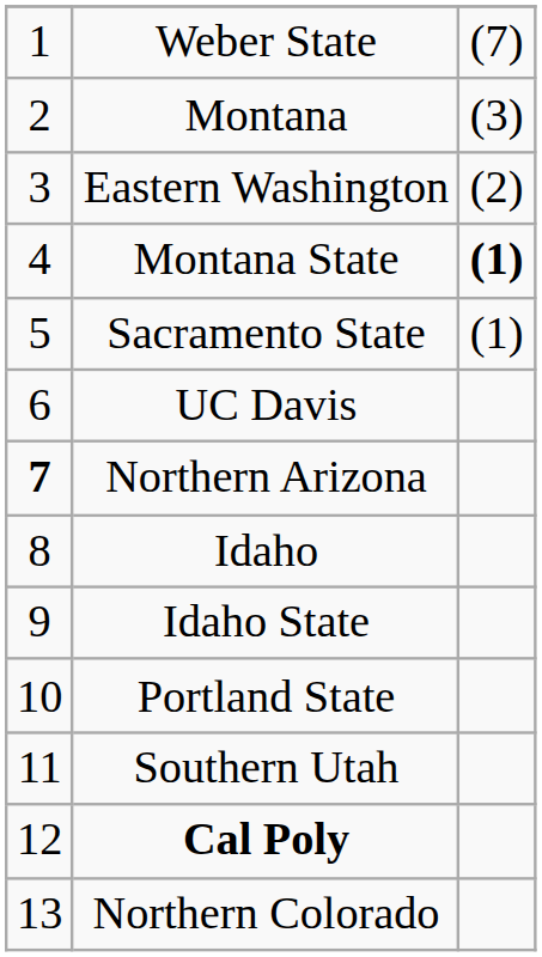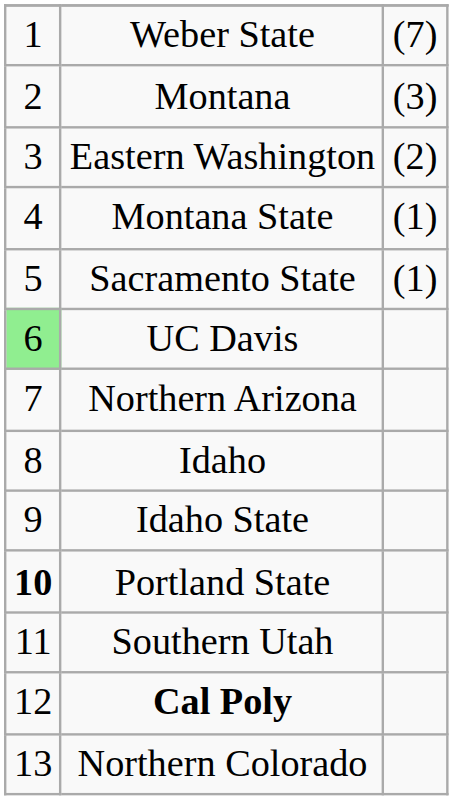 <table class="wikitable" style="display: inline-table;">
 <tr align="center">
 </tr>
 <tr align="center">
 <td>1</td>
 <td>Weber State</td>
 <td>(7)</td>
 </tr>
 <tr align="center">
 <td>2</td>
 <td>Montana</td>
 <td>(3)</td>
 </tr>
 <tr align="center">
 <td>3</td>
 <td>Eastern Washington</td>
 <td>(2)</td>
 </tr>
 <tr align="center">
 <td>4</td>
 <td>Montana State</td>
-<td><strong>(1)</strong></td>
+<td>(1)</td>
 </tr>
 <tr align="center">
 <td>5</td>
 <td>Sacramento State</td>
 <td>(1)</td>
 </tr>
 <tr align="center">
-<td>6</td>
+<td style="background: lightgreen;">6</td>
 <td>UC Davis</td>
 <td></td>
 </tr>
 <tr align="center">
-<td><strong>7</strong></td>
+<td>7</td>
 <td>Northern Arizona</td>
 <td></td>
 </tr>
 <tr align="center">
 <td>8</td>
 <td>Idaho</td>
 <td></td>
 </tr>
 <tr align="center">
 <td>9</td>
 <td>Idaho State</td>
 <td></td>
 </tr>
 <tr align="center">
-<td>10</td>
+<td><strong>10</strong></td>
 <td>Portland State</td>
 <td></td>
 </tr>
 <tr align="center">
 <td>11</td>
 <td>Southern Utah</td>
 <td></td>
 </tr>
 <tr align="center">
 <td>12</td>
 <td><strong>Cal Poly</strong></td>
 <td></td>
 </tr>
 <tr align="center">
 <td>13</td>
 <td>Northern Colorado</td>
 <td></td>
 </tr>
 </table>
